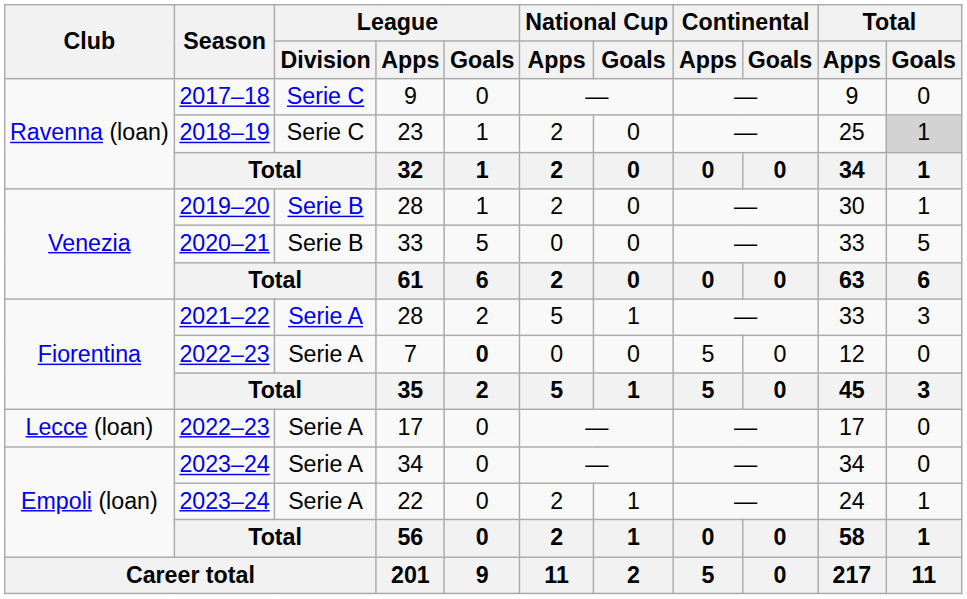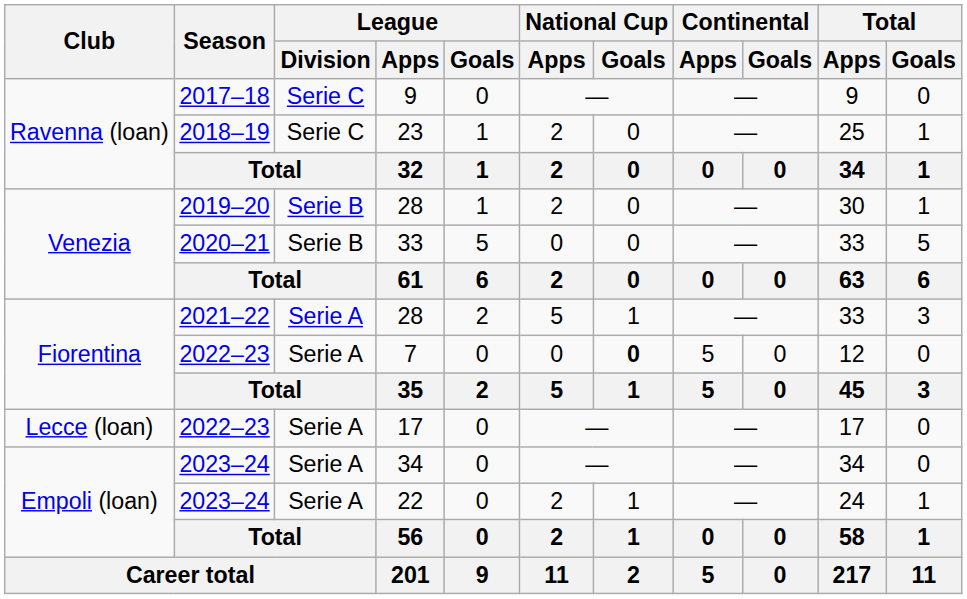 <table class="wikitable" style="text-align:center">
 <tr>
 <th rowspan="2">Club</th>
 <th rowspan="2">Season</th>
 <th colspan="3">League</th>
 <th colspan="2">National Cup</th>
 <th colspan="2">Continental</th>
 <th colspan="2">Total</th>
 </tr>
 <tr>
 <th>Division</th>
 <th>Apps</th>
 <th>Goals</th>
 <th>Apps</th>
 <th>Goals</th>
 <th>Apps</th>
 <th>Goals</th>
 <th>Apps</th>
 <th>Goals</th>
 </tr>
 <tr>
 <td rowspan="3"><a href='#'>Ravenna</a> (loan)</td>
 <td><a href='#'>2017–18</a></td>
 <td><a href='#'>Serie C</a></td>
 <td>9</td>
 <td>0</td>
 <td colspan="2">—</td>
 <td colspan="2">—</td>
 <td>9</td>
 <td>0</td>
 </tr>
 <tr>
 <td><a href='#'>2018–19</a></td>
 <td>Serie C</td>
 <td>23</td>
 <td>1</td>
 <td>2</td>
 <td>0</td>
 <td colspan="2">—</td>
 <td>25</td>
-<td style="background: lightgrey;">1</td>
+<td>1</td>
 </tr>
 <tr>
 <th colspan="2">Total</th>
 <th>32</th>
 <th>1</th>
 <th>2</th>
 <th>0</th>
 <th>0</th>
 <th>0</th>
 <th>34</th>
 <th>1</th>
 </tr>
 <tr>
 <td rowspan="3"><a href='#'>Venezia</a></td>
 <td><a href='#'>2019–20</a></td>
 <td><a href='#'>Serie B</a></td>
 <td>28</td>
 <td>1</td>
 <td>2</td>
 <td>0</td>
 <td colspan="2">—</td>
 <td>30</td>
 <td>1</td>
 </tr>
 <tr>
 <td><a href='#'>2020–21</a></td>
 <td>Serie B</td>
 <td>33</td>
 <td>5</td>
 <td>0</td>
 <td>0</td>
 <td colspan="2">—</td>
 <td>33</td>
 <td>5</td>
 </tr>
 <tr>
 <th colspan="2">Total</th>
 <th>61</th>
 <th>6</th>
 <th>2</th>
 <th>0</th>
 <th>0</th>
 <th>0</th>
 <th>63</th>
 <th>6</th>
 </tr>
 <tr>
 <td rowspan="3"><a href='#'>Fiorentina</a></td>
 <td><a href='#'>2021–22</a></td>
 <td><a href='#'>Serie A</a></td>
 <td>28</td>
 <td>2</td>
 <td>5</td>
 <td>1</td>
 <td colspan="2">—</td>
 <td>33</td>
 <td>3</td>
 </tr>
 <tr>
 <td><a href='#'>2022–23</a></td>
 <td>Serie A</td>
 <td>7</td>
-<td><strong>0</strong></td>
 <td>0</td>
 <td>0</td>
+<td><strong>0</strong></td>
 <td>5</td>
 <td>0</td>
 <td>12</td>
 <td>0</td>
 </tr>
 <tr>
 <th colspan="2">Total</th>
 <th>35</th>
 <th>2</th>
 <th>5</th>
 <th>1</th>
 <th>5</th>
 <th>0</th>
 <th>45</th>
 <th>3</th>
 </tr>
 <tr>
 <td><a href='#'>Lecce</a> (loan)</td>
 <td><a href='#'>2022–23</a></td>
 <td>Serie A</td>
 <td>17</td>
 <td>0</td>
 <td colspan="2">—</td>
 <td colspan="2">—</td>
 <td>17</td>
 <td>0</td>
 </tr>
 <tr>
 <td rowspan="3"><a href='#'>Empoli</a> (loan)</td>
 <td><a href='#'>2023–24</a></td>
 <td>Serie A</td>
 <td>34</td>
 <td>0</td>
 <td colspan="2">—</td>
 <td colspan="2">—</td>
 <td>34</td>
 <td>0</td>
 </tr>
 <tr>
 <td><a href='#'>2023–24</a></td>
 <td>Serie A</td>
 <td>22</td>
 <td>0</td>
 <td>2</td>
 <td>1</td>
 <td colspan="2">—</td>
 <td>24</td>
 <td>1</td>
 </tr>
 <tr>
 <th colspan="2">Total</th>
 <th>56</th>
 <th>0</th>
 <th>2</th>
 <th>1</th>
 <th>0</th>
 <th>0</th>
 <th>58</th>
 <th>1</th>
 </tr>
 <tr>
 <th colspan="3">Career total</th>
 <th>201</th>
 <th>9</th>
 <th>11</th>
 <th>2</th>
 <th>5</th>
 <th>0</th>
 <th>217</th>
 <th>11</th>
 </tr>
 </table>
